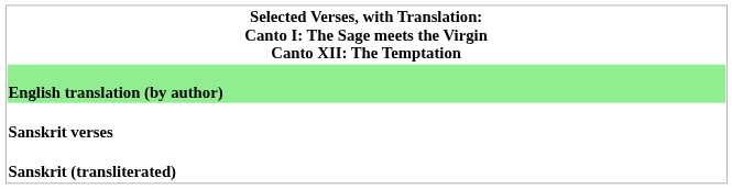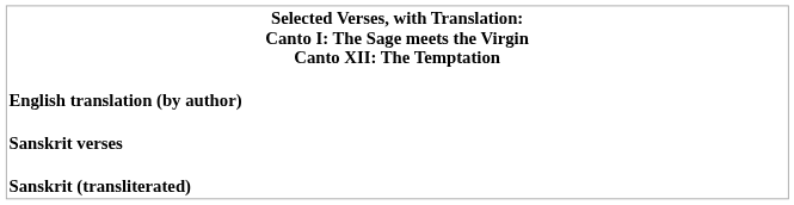 <table style="float: right; width: 45%; border: 1px solid darkgray; margin: .46em; font-size: 100%;" border="0" cellpadding="1" cellspacing="1">
 <tr>
 <td colspan="1" align="center"><strong>Selected Verses, with Translation:</strong><br><strong>Canto I: The Sage meets the Virgin<br>Canto XII: The Temptation</strong></td>
 </tr>
 <tr valign="top">
-<td style="background: lightgreen;"><br><strong>English translation (by author)</strong></td>
+<td><br><strong>English translation (by author)</strong></td>
 </tr>
 <tr valign="top">
 <td><br><strong>Sanskrit verses</strong><br></td>
 </tr>
 <tr valign="top">
 <td><br><strong>Sanskrit (transliterated)</strong></td>
 </tr>
 </table>
